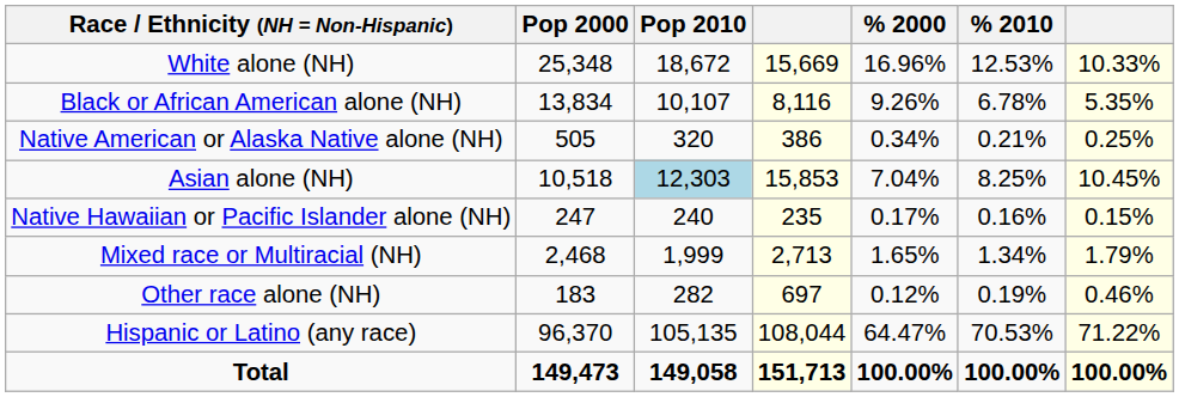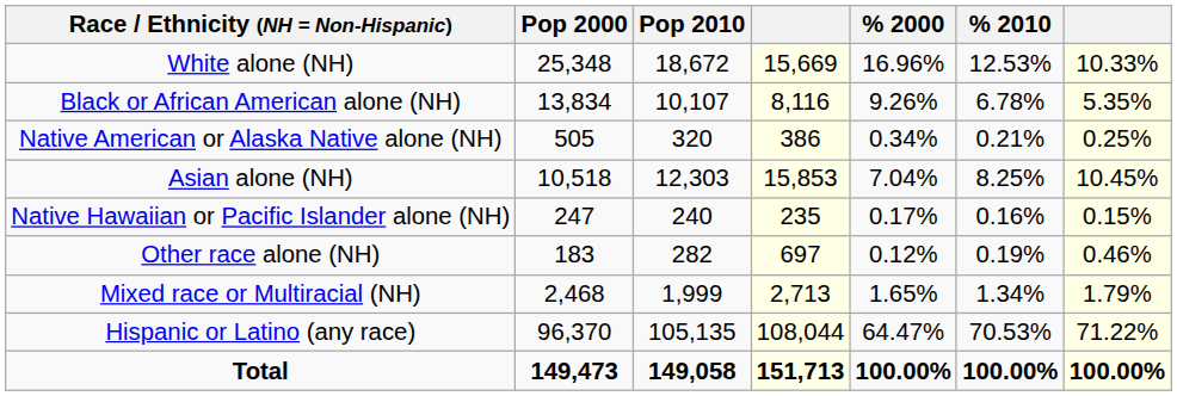 <table class="wikitable" style="text-align:center;">
 <tr>
 <th>Race / Ethnicity <small>(<em>NH = Non-Hispanic</em>)</small></th>
 <th>Pop 2000</th>
 <th>Pop 2010</th>
 <th></th>
 <th>% 2000</th>
 <th>% 2010</th>
 <th></th>
 </tr>
 <tr>
 <td><a href='#'>White</a> alone (NH)</td>
 <td>25,348</td>
 <td>18,672</td>
 <td style='background: #ffffe6;'>15,669</td>
 <td>16.96%</td>
 <td>12.53%</td>
 <td style='background: #ffffe6;'>10.33%</td>
 </tr>
 <tr>
 <td><a href='#'>Black or African American</a> alone (NH)</td>
 <td>13,834</td>
 <td>10,107</td>
 <td style='background: #ffffe6;'>8,116</td>
 <td>9.26%</td>
 <td>6.78%</td>
 <td style='background: #ffffe6;'>5.35%</td>
 </tr>
 <tr>
 <td><a href='#'>Native American</a> or <a href='#'>Alaska Native</a> alone (NH)</td>
 <td>505</td>
 <td>320</td>
 <td style='background: #ffffe6;'>386</td>
 <td>0.34%</td>
 <td>0.21%</td>
 <td style='background: #ffffe6;'>0.25%</td>
 </tr>
 <tr>
 <td><a href='#'>Asian</a> alone (NH)</td>
 <td>10,518</td>
-<td style="background: lightblue;">12,303</td>
+<td>12,303</td>
 <td style='background: #ffffe6;'>15,853</td>
 <td>7.04%</td>
 <td>8.25%</td>
 <td style='background: #ffffe6;'>10.45%</td>
 </tr>
 <tr>
 <td><a href='#'>Native Hawaiian</a> or <a href='#'>Pacific Islander</a> alone (NH)</td>
 <td>247</td>
 <td>240</td>
 <td style='background: #ffffe6;'>235</td>
 <td>0.17%</td>
 <td>0.16%</td>
 <td style='background: #ffffe6;'>0.15%</td>
 </tr>
 <tr>
+<td><a href='#'>Other race</a> alone (NH)</td>
+<td>183</td>
+<td>282</td>
+<td style='background: #ffffe6;'>697</td>
+<td>0.12%</td>
+<td>0.19%</td>
+<td style='background: #ffffe6;'>0.46%</td>
+</tr>
+<tr>
 <td><a href='#'>Mixed race or Multiracial</a> (NH)</td>
 <td>2,468</td>
 <td>1,999</td>
 <td style='background: #ffffe6;'>2,713</td>
 <td>1.65%</td>
 <td>1.34%</td>
 <td style='background: #ffffe6;'>1.79%</td>
-</tr>
-<tr>
-<td><a href='#'>Other race</a> alone (NH)</td>
-<td>183</td>
-<td>282</td>
-<td style='background: #ffffe6;'>697</td>
-<td>0.12%</td>
-<td>0.19%</td>
-<td style='background: #ffffe6;'>0.46%</td>
 </tr>
 <tr>
 <td><a href='#'>Hispanic or Latino</a> (any race)</td>
 <td>96,370</td>
 <td>105,135</td>
 <td style='background: #ffffe6;'>108,044</td>
 <td>64.47%</td>
 <td>70.53%</td>
 <td style='background: #ffffe6;'>71.22%</td>
 </tr>
 <tr>
 <td><strong>Total</strong></td>
 <td><strong>149,473</strong></td>
 <td><strong>149,058</strong></td>
 <td style='background: #ffffe6;'><strong>151,713</strong></td>
 <td><strong>100.00%</strong></td>
 <td><strong>100.00%</strong></td>
 <td style='background: #ffffe6;'><strong>100.00%</strong></td>
 </tr>
 </table>
